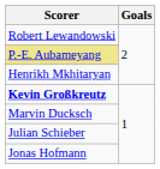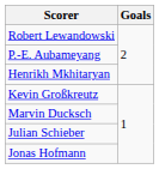 <table class="wikitable">
 <tr>
 <th>Scorer</th>
 <th>Goals</th>
 </tr>
 <tr>
 <td> <a href='#'>Robert Lewandowski</a></td>
 <td rowspan=3>2</td>
 </tr>
 <tr>
-<td style="background: khaki;"> <a href='#'>P.-E. Aubameyang</a></td>
+<td> <a href='#'>P.-E. Aubameyang</a></td>
 </tr>
 <tr>
 <td> <a href='#'>Henrikh Mkhitaryan</a></td>
 </tr>
 <tr>
-<td><strong> <a href='#'>Kevin Großkreutz</a></strong></td>
+<td> <a href='#'>Kevin Großkreutz</a></td>
 <td rowspan=4>1</td>
 </tr>
 <tr>
 <td> <a href='#'>Marvin Ducksch</a></td>
 </tr>
 <tr>
 <td> <a href='#'>Julian Schieber</a></td>
 </tr>
 <tr>
 <td> <a href='#'>Jonas Hofmann</a></td>
 </tr>
 </table>
